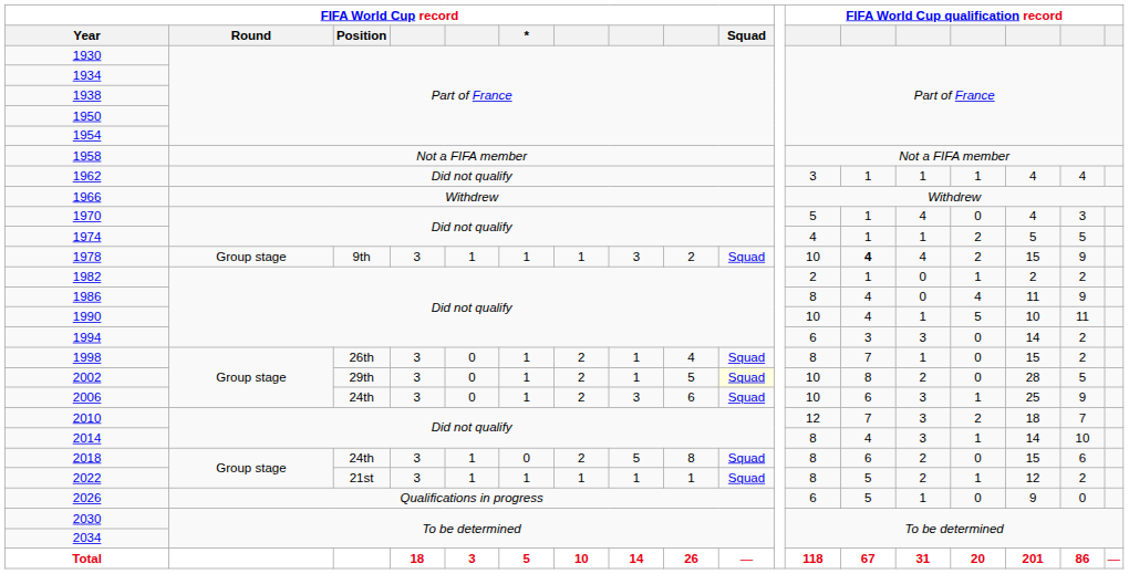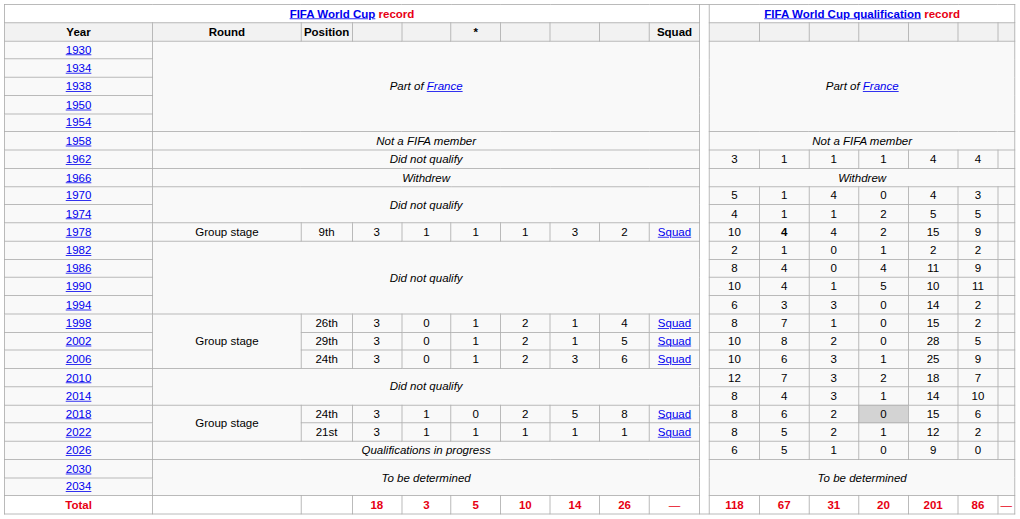 <table class="wikitable" class="wikitable" style="font-size:90%; text-align:center; width:100%">
 <tr>
 <th colspan="10" style="background:#FFFFFF; color:#E70013; "><a href='#'><span>FIFA World Cup</span></a> record</th>
 <th rowspan="38" style="width:1%;background:white"></th>
 <th colspan="7" style="background:#FFFFFF; color:#E70013; "><a href='#'><span>FIFA World Cup qualification</span></a> record</th>
 </tr>
 <tr>
 <th width="15%">Year</th>
 <th width="15%">Round</th>
 <th width="5%">Position</th>
 <th width="5%"></th>
 <th width="5%"></th>
 <th width="5%">*</th>
 <th width="5%"></th>
 <th width="5%"></th>
 <th width="5%"></th>
 <th width="5%">Squad</th>
 <th width="5%"></th>
 <th width="5%"></th>
 <th width="5%"></th>
 <th width="5%"></th>
 <th width="5%"></th>
 <th width="5%"></th>
 <th width="5%"></th>
 </tr>
 <tr>
 <td> <a href='#'>1930</a></td>
 <td colspan="9" rowspan="5"><em>Part of <a href='#'>France</a></em></td>
 <td colspan="7" rowspan="5"><em>Part of <a href='#'>France</a></em></td>
 </tr>
 <tr>
 <td> <a href='#'>1934</a></td>
 </tr>
 <tr>
 <td> <a href='#'>1938</a></td>
 </tr>
 <tr>
 <td> <a href='#'>1950</a></td>
 </tr>
 <tr>
 <td> <a href='#'>1954</a></td>
 </tr>
 <tr>
 <td> <a href='#'>1958</a></td>
 <td colspan="9"><em>Not a FIFA member</em></td>
 <td colspan="7"><em>Not a FIFA member</em></td>
 </tr>
 <tr>
 <td> <a href='#'>1962</a></td>
 <td colspan="9"><em>Did not qualify</em></td>
 <td>3</td>
 <td>1</td>
 <td>1</td>
 <td>1</td>
 <td>4</td>
 <td>4</td>
 <td></td>
 </tr>
 <tr>
 <td> <a href='#'>1966</a></td>
 <td colspan="9"><em>Withdrew</em></td>
 <td colspan="7"><em>Withdrew</em></td>
 </tr>
 <tr>
 <td> <a href='#'>1970</a></td>
 <td colspan="9" rowspan="2"><em>Did not qualify</em></td>
 <td>5</td>
 <td>1</td>
 <td>4</td>
 <td>0</td>
 <td>4</td>
 <td>3</td>
 <td></td>
 </tr>
 <tr>
 <td> <a href='#'>1974</a></td>
 <td>4</td>
 <td>1</td>
 <td>1</td>
 <td>2</td>
 <td>5</td>
 <td>5</td>
 <td></td>
 </tr>
 <tr>
 <td> <a href='#'>1978</a></td>
 <td>Group stage</td>
 <td>9th</td>
 <td>3</td>
 <td>1</td>
 <td>1</td>
 <td>1</td>
 <td>3</td>
 <td>2</td>
 <td><a href='#'>Squad</a></td>
 <td>10</td>
 <td><strong>4</strong></td>
 <td>4</td>
 <td>2</td>
 <td>15</td>
 <td>9</td>
 <td></td>
 </tr>
 <tr>
 <td> <a href='#'>1982</a></td>
 <td colspan="9" rowspan="4"><em>Did not qualify</em></td>
 <td>2</td>
 <td>1</td>
 <td>0</td>
 <td>1</td>
 <td>2</td>
 <td>2</td>
 <td></td>
 </tr>
 <tr>
 <td> <a href='#'>1986</a></td>
 <td>8</td>
 <td>4</td>
 <td>0</td>
 <td>4</td>
 <td>11</td>
 <td>9</td>
 <td></td>
 </tr>
 <tr>
 <td> <a href='#'>1990</a></td>
 <td>10</td>
 <td>4</td>
 <td>1</td>
 <td>5</td>
 <td>10</td>
 <td>11</td>
 <td></td>
 </tr>
 <tr>
 <td> <a href='#'>1994</a></td>
 <td>6</td>
 <td>3</td>
 <td>3</td>
 <td>0</td>
 <td>14</td>
 <td>2</td>
 <td></td>
 </tr>
 <tr>
 <td> <a href='#'>1998</a></td>
 <td rowspan=3>Group stage</td>
 <td>26th</td>
 <td>3</td>
 <td>0</td>
 <td>1</td>
 <td>2</td>
 <td>1</td>
 <td>4</td>
 <td><a href='#'>Squad</a></td>
 <td>8</td>
 <td>7</td>
 <td>1</td>
 <td>0</td>
 <td>15</td>
 <td>2</td>
 <td></td>
 </tr>
 <tr>
 <td>  <a href='#'>2002</a></td>
 <td>29th</td>
 <td>3</td>
 <td>0</td>
 <td>1</td>
 <td>2</td>
 <td>1</td>
 <td>5</td>
-<td style="background: lightyellow;"><a href='#'>Squad</a></td>
+<td><a href='#'>Squad</a></td>
 <td>10</td>
 <td>8</td>
 <td>2</td>
 <td>0</td>
 <td>28</td>
 <td>5</td>
 <td></td>
 </tr>
 <tr>
 <td> <a href='#'>2006</a></td>
 <td>24th</td>
 <td>3</td>
 <td>0</td>
 <td>1</td>
 <td>2</td>
 <td>3</td>
 <td>6</td>
 <td><a href='#'>Squad</a></td>
 <td>10</td>
 <td>6</td>
 <td>3</td>
 <td>1</td>
 <td>25</td>
 <td>9</td>
 <td></td>
 </tr>
 <tr>
 <td> <a href='#'>2010</a></td>
 <td colspan="9" rowspan="2"><em>Did not qualify</em></td>
 <td>12</td>
 <td>7</td>
 <td>3</td>
 <td>2</td>
 <td>18</td>
 <td>7</td>
 <td></td>
 </tr>
 <tr>
 <td> <a href='#'>2014</a></td>
 <td>8</td>
 <td>4</td>
 <td>3</td>
 <td>1</td>
 <td>14</td>
 <td>10</td>
 <td></td>
 </tr>
 <tr>
 <td> <a href='#'>2018</a></td>
 <td rowspan=2>Group stage</td>
 <td>24th</td>
 <td>3</td>
 <td>1</td>
 <td>0</td>
 <td>2</td>
 <td>5</td>
 <td>8</td>
 <td><a href='#'>Squad</a></td>
 <td>8</td>
 <td>6</td>
 <td>2</td>
-<td>0</td>
+<td style="background: lightgrey;">0</td>
 <td>15</td>
 <td>6</td>
 <td></td>
 </tr>
 <tr>
 <td> <a href='#'>2022</a></td>
 <td>21st</td>
 <td>3</td>
 <td>1</td>
 <td>1</td>
 <td>1</td>
 <td>1</td>
 <td>1</td>
 <td><a href='#'>Squad</a></td>
 <td>8</td>
 <td>5</td>
 <td>2</td>
 <td>1</td>
 <td>12</td>
 <td>2</td>
 <td></td>
 </tr>
 <tr>
 <td>   <a href='#'>2026</a></td>
 <td colspan="9"><em>Qualifications in progress</em></td>
 <td>6</td>
 <td>5</td>
 <td>1</td>
 <td>0</td>
 <td>9</td>
 <td>0</td>
 <td></td>
 </tr>
 <tr>
 <td>   <a href='#'>2030</a></td>
 <td colspan="9" rowspan="2"><em>To be determined</em></td>
 <td colspan="7" rowspan="2"><em>To be determined</em></td>
 </tr>
 <tr>
 <td> <a href='#'>2034</a></td>
 </tr>
 <tr style="color:white;">
 <th style="background:#FFFFFF; color:#E70013; ">Total</th>
 <th style="background:#FFFFFF; color:#E70013; "></th>
 <th style="background:#FFFFFF; color:#E70013; "></th>
 <th style="background:#FFFFFF; color:#E70013; ">18</th>
 <th style="background:#FFFFFF; color:#E70013; ">3</th>
 <th style="background:#FFFFFF; color:#E70013; ">5</th>
 <th style="background:#FFFFFF; color:#E70013; ">10</th>
 <th style="background:#FFFFFF; color:#E70013; ">14</th>
 <th style="background:#FFFFFF; color:#E70013; ">26</th>
 <td style="background:#FFFFFF; color:#E70013; ">—</td>
 <th style="background:#FFFFFF; color:#E70013; ">118</th>
 <th style="background:#FFFFFF; color:#E70013; ">67</th>
 <th style="background:#FFFFFF; color:#E70013; ">31</th>
 <th style="background:#FFFFFF; color:#E70013; ">20</th>
 <th style="background:#FFFFFF; color:#E70013; ">201</th>
 <th style="background:#FFFFFF; color:#E70013; ">86</th>
 <td style="background:#FFFFFF; color:#E70013; ">—</td>
 </tr>
 </table>
